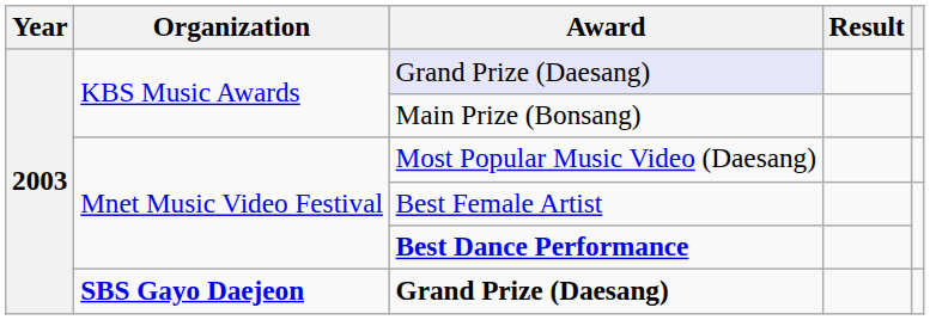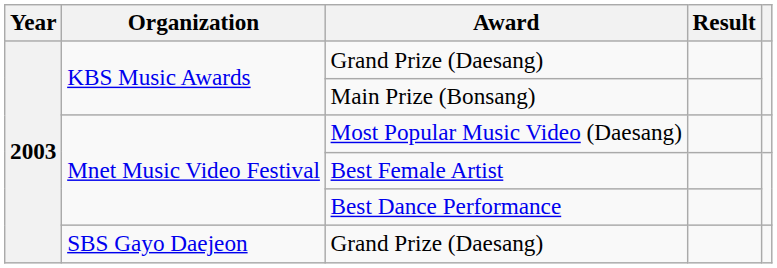 <table class="wikitable plainrowheaders sortable">
 <tr>
 <th scope="col">Year</th>
 <th scope="col">Organization</th>
 <th scope="col">Award</th>
 <th scope="col">Result</th>
 <th class="unsortable"></th>
 </tr>
 <tr>
 <th scope="row" rowspan="6">2003</th>
 <td rowspan="2"><a href='#'>KBS Music Awards</a></td>
-<td style="background: lavender;">Grand Prize (Daesang)</td>
+<td>Grand Prize (Daesang)</td>
 <td></td>
 <td rowspan="2" style="text-align:center;"></td>
 </tr>
 <tr>
 <td>Main Prize (Bonsang)</td>
 <td></td>
 </tr>
 <tr>
 <td rowspan="3"><a href='#'>Mnet Music Video Festival</a></td>
 <td><a href='#'>Most Popular Music Video</a> (Daesang)</td>
 <td></td>
 <td style="text-align:center;"></td>
 </tr>
 <tr>
 <td><a href='#'>Best Female Artist</a></td>
 <td></td>
 <td rowspan="2" style="text-align:center;"></td>
 </tr>
 <tr>
-<td><strong><a href='#'>Best Dance Performance</a></strong></td>
+<td><a href='#'>Best Dance Performance</a></td>
 <td></td>
 </tr>
 <tr>
-<td><strong><a href='#'>SBS Gayo Daejeon</a></strong></td>
-<td><strong>Grand Prize (Daesang)</strong></td>
+<td><a href='#'>SBS Gayo Daejeon</a></td>
+<td>Grand Prize (Daesang)</td>
 <td></td>
 <td style="text-align:center;"></td>
 </tr>
 </table>
